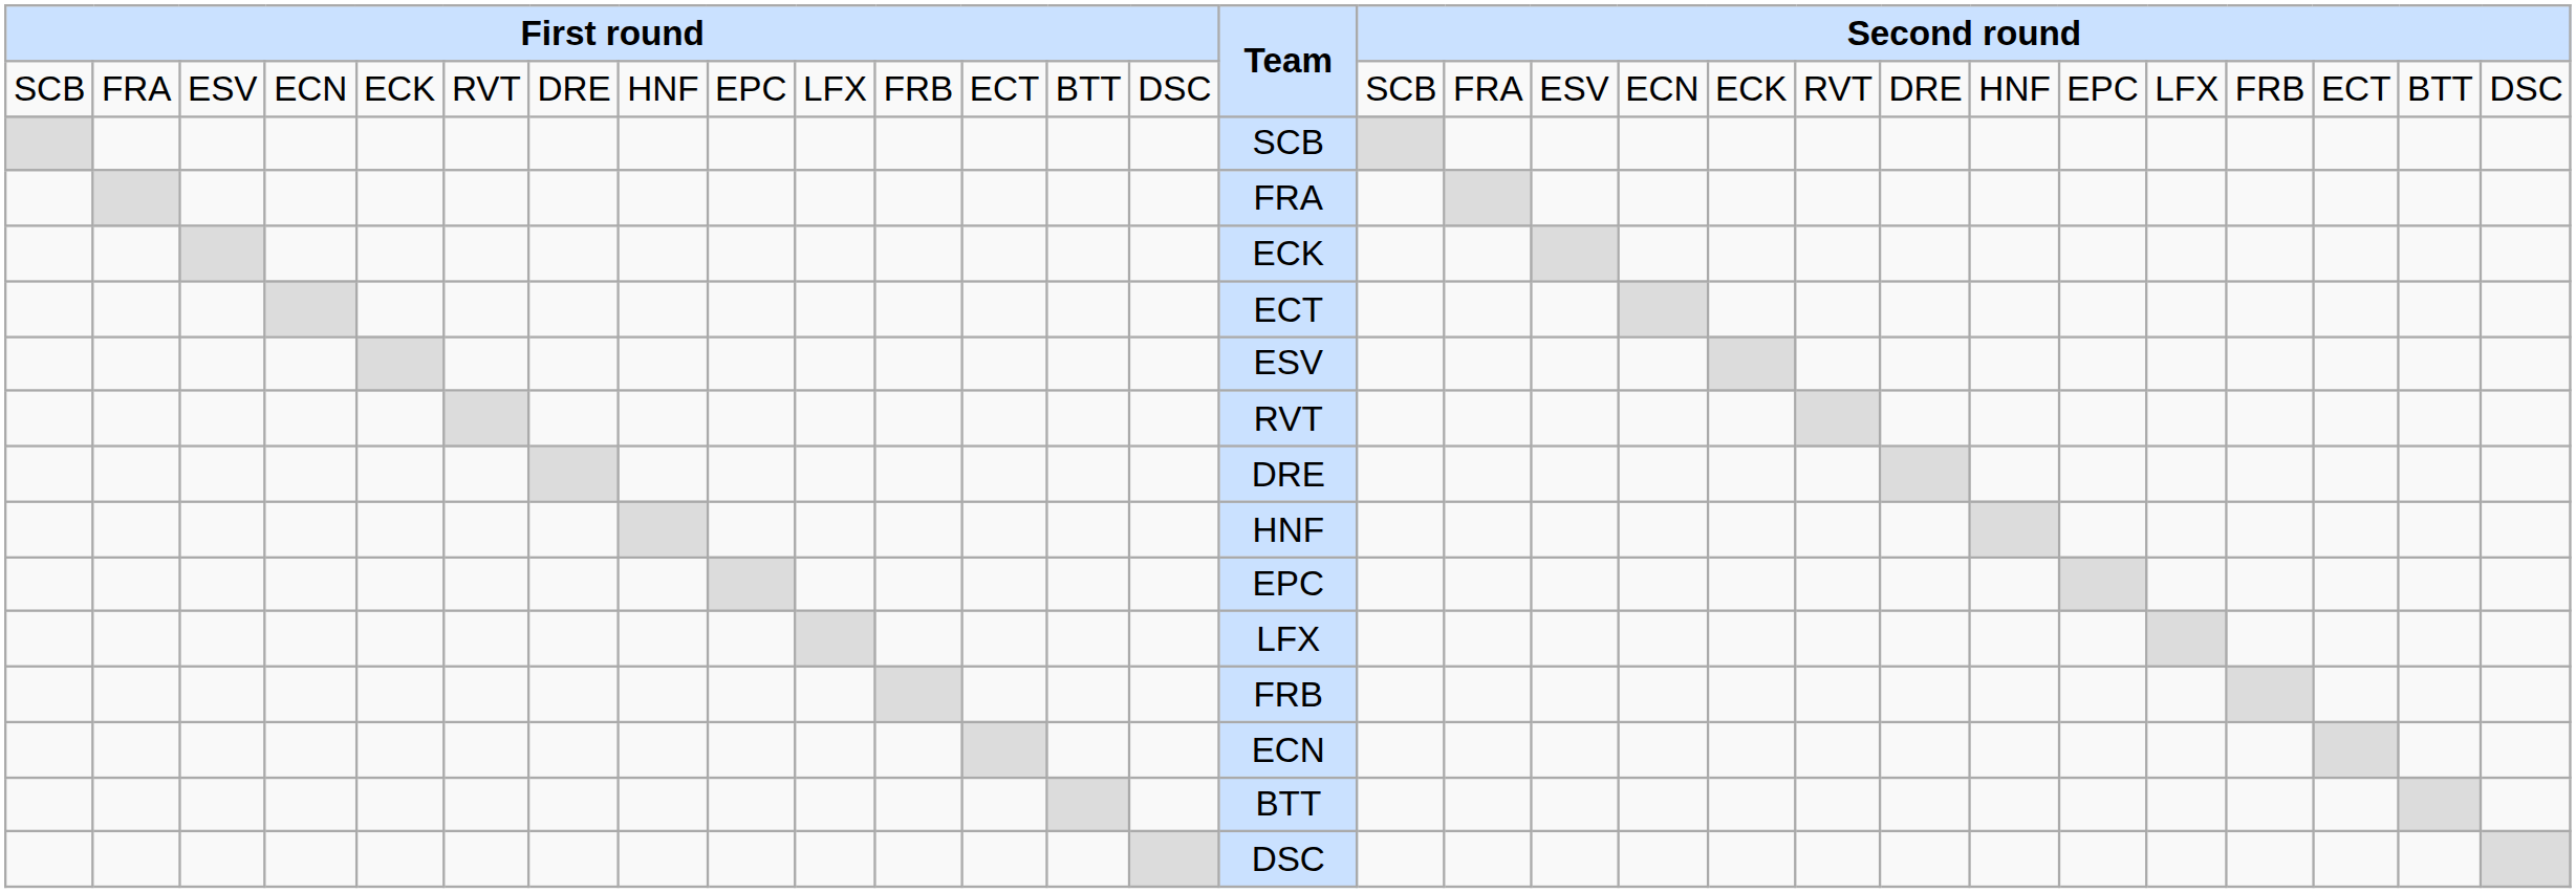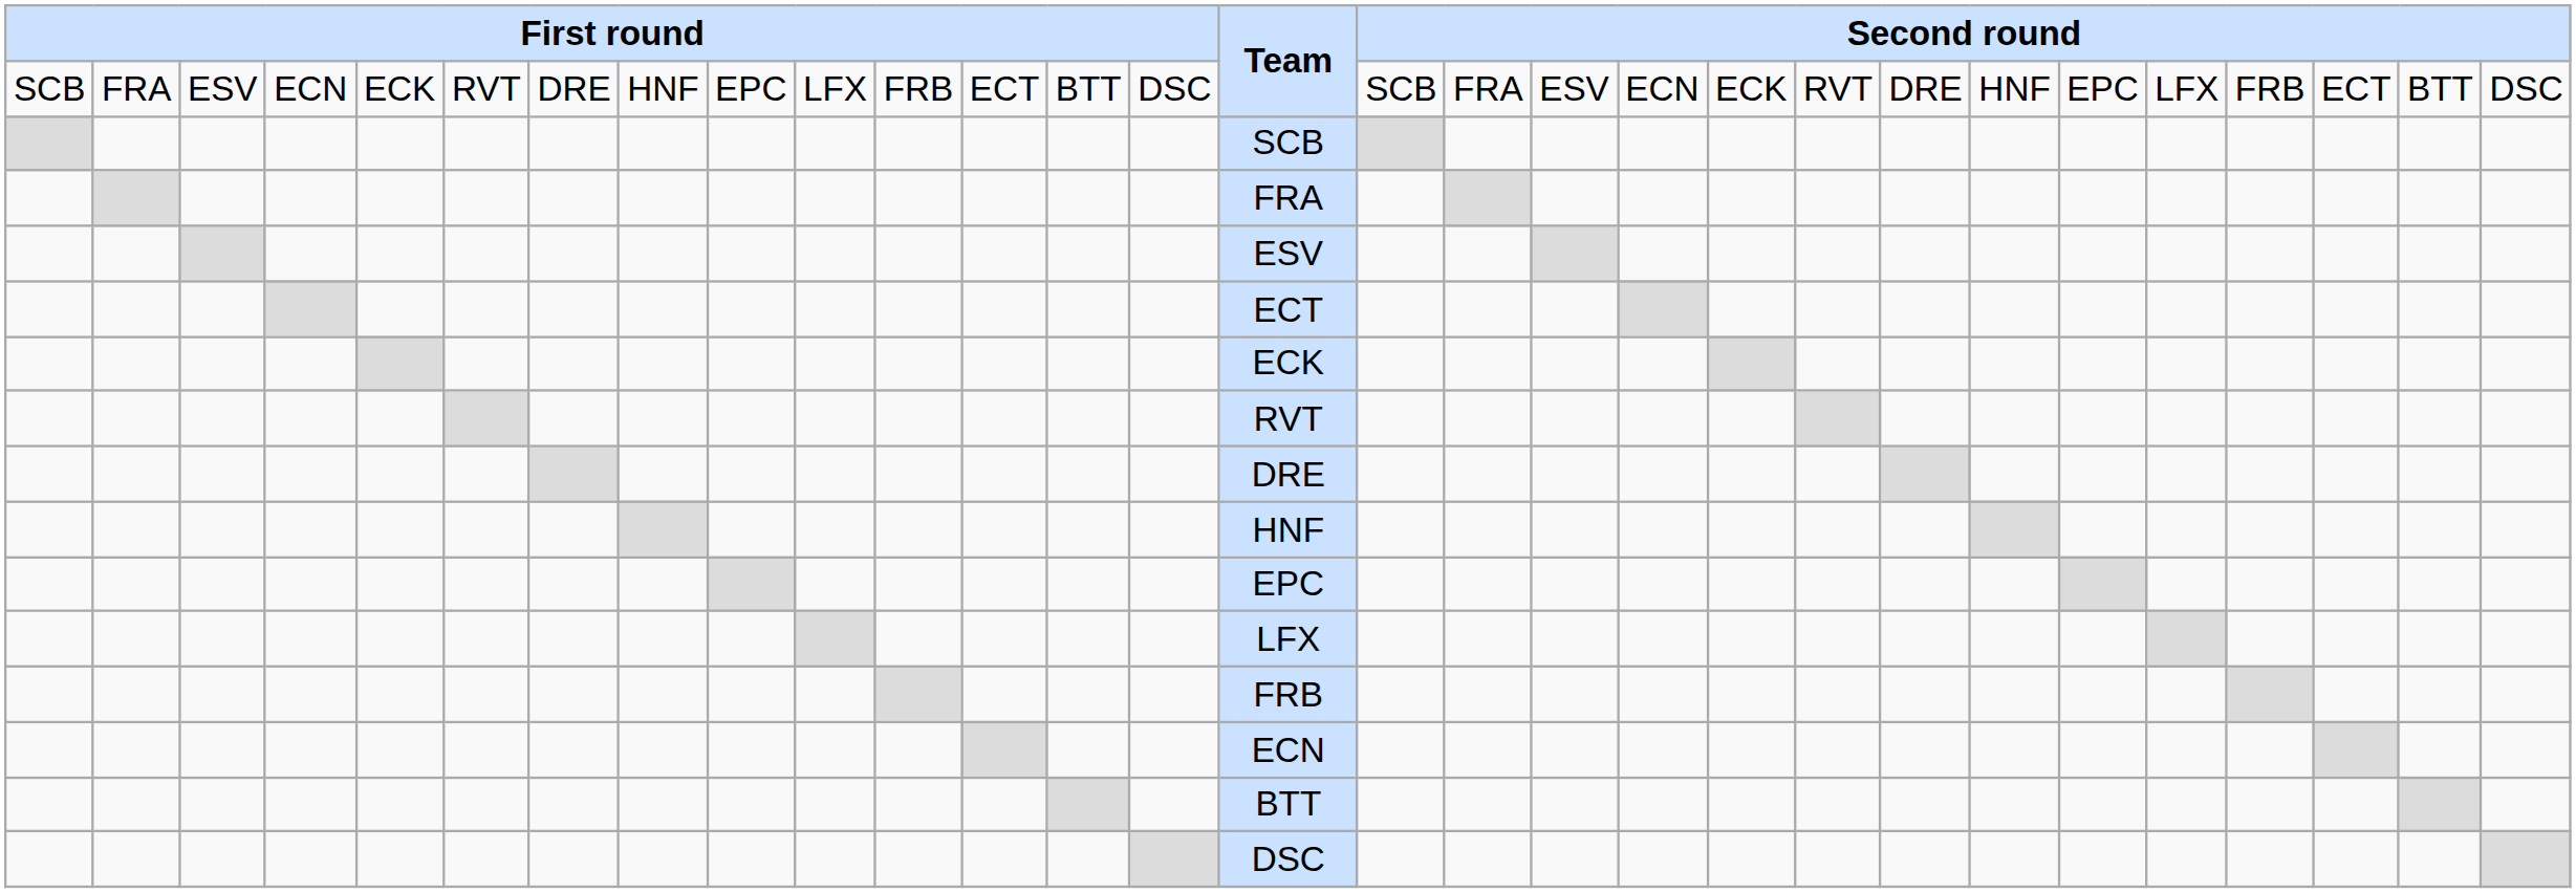 <table class="wikitable" style="text-align:center; font-size:90%;">
 <tr style="background:#CAE1FF">
 <td colspan="14" style="width:300px"><strong>First round</strong></td>
 <td style="width:50px" rowspan=2><strong>Team</strong></td>
 <td colspan="14" style="width:300px"><strong>Second round</strong></td>
 </tr>
 <tr>
 <td class="explain" title="Bietigheim Steelers">SCB</td>
 <td class="explain" title="Löwen Frankfurt">FRA</td>
 <td class="explain" title="ESV Kaufbeuren">ESV</td>
 <td class="explain" title="EC Bad Nauheim">ECN</td>
 <td class="explain" title="EC Kassel Huskies">ECK</td>
 <td class="explain" title="Ravensburg Towerstars">RVT</td>
 <td class="explain" title="Dresdner Eislöwen">DRE</td>
 <td class="explain" title="Heilbronner Falken">HNF</td>
 <td class="explain" title="Eispiraten Crimmitschau">EPC</td>
 <td class="explain" title="Lausitzer Füchse">LFX</td>
 <td class="explain" title="EHC Freiburg">FRB</td>
 <td class="explain" title="Tölzer Löwen">ECT</td>
 <td class="explain" title="Bayreuth Tigers">BTT</td>
 <td class="explain" title="Deggendorfer SC">DSC</td>
 <td class="explain" title="Bietigheim Steelers">SCB</td>
 <td class="explain" title="Löwen Frankfurt">FRA</td>
 <td class="explain" title="ESV Kaufbeuren">ESV</td>
 <td class="explain" title="EC Bad Nauheim">ECN</td>
 <td class="explain" title="EC Kassel Huskies">ECK</td>
 <td class="explain" title="Ravensburg Towerstars">RVT</td>
 <td class="explain" title="Dresdner Eislöwen">DRE</td>
 <td class="explain" title="Heilbronner Falken">HNF</td>
 <td class="explain" title="Eispiraten Crimmitschau">EPC</td>
 <td class="explain" title="Lausitzer Füchse">LFX</td>
 <td class="explain" title="EHC Freiburg">FRB</td>
 <td class="explain" title="Tölzer Löwen">ECT</td>
 <td class="explain" title="Bayreuth Tigers">BTT</td>
 <td class="explain" title="Deggendorfer SC">DSC</td>
 </tr>
 <tr>
 <td style="background:#DCDCDC"></td>
 <td></td>
 <td></td>
 <td></td>
 <td></td>
 <td></td>
 <td></td>
 <td></td>
 <td></td>
 <td></td>
 <td></td>
 <td></td>
 <td></td>
 <td></td>
 <td style="background:#CAE1FF" class="explain" title="Bietigheim Steelers">SCB</td>
 <td style="background:#DCDCDC"></td>
 <td></td>
 <td></td>
 <td></td>
 <td></td>
 <td></td>
 <td></td>
 <td></td>
 <td></td>
 <td></td>
 <td></td>
 <td></td>
 <td></td>
 <td></td>
 </tr>
 <tr>
 <td></td>
 <td style="background:#DCDCDC"></td>
 <td></td>
 <td></td>
 <td></td>
 <td></td>
 <td></td>
 <td></td>
 <td></td>
 <td></td>
 <td></td>
 <td></td>
 <td></td>
 <td></td>
 <td style="background:#CAE1FF" class="explain" title="Löwen Frankfurt">FRA</td>
 <td></td>
 <td style="background:#DCDCDC"></td>
 <td></td>
 <td></td>
 <td></td>
 <td></td>
 <td></td>
 <td></td>
 <td></td>
 <td></td>
 <td></td>
 <td></td>
 <td></td>
 <td></td>
 </tr>
 <tr>
 <td></td>
 <td></td>
 <td style="background:#DCDCDC"></td>
 <td></td>
 <td></td>
 <td></td>
 <td></td>
 <td></td>
 <td></td>
 <td></td>
 <td></td>
 <td></td>
 <td></td>
 <td></td>
-<td style="background:#CAE1FF" class="explain" title="EC Kassel Huskies">ECK</td>
+<td style="background:#CAE1FF" class="explain" title="ESV Kaufbeuren">ESV</td>
 <td></td>
 <td></td>
 <td style="background:#DCDCDC"></td>
 <td></td>
 <td></td>
 <td></td>
 <td></td>
 <td></td>
 <td></td>
 <td></td>
 <td></td>
 <td></td>
 <td></td>
 <td></td>
 </tr>
 <tr>
 <td></td>
 <td></td>
 <td></td>
 <td style="background:#DCDCDC"></td>
 <td></td>
 <td></td>
 <td></td>
 <td></td>
 <td></td>
 <td></td>
 <td></td>
 <td></td>
 <td></td>
 <td></td>
 <td style="background:#CAE1FF" class="explain" title="Tölzer Löwen">ECT</td>
 <td></td>
 <td></td>
 <td></td>
 <td style="background:#DCDCDC"></td>
 <td></td>
 <td></td>
 <td></td>
 <td></td>
 <td></td>
 <td></td>
 <td></td>
 <td></td>
 <td></td>
 <td></td>
 </tr>
 <tr>
 <td></td>
 <td></td>
 <td></td>
 <td></td>
 <td style="background:#DCDCDC"></td>
 <td></td>
 <td></td>
 <td></td>
 <td></td>
 <td></td>
 <td></td>
 <td></td>
 <td></td>
 <td></td>
-<td style="background:#CAE1FF" class="explain" title="ESV Kaufbeuren">ESV</td>
+<td style="background:#CAE1FF" class="explain" title="EC Kassel Huskies">ECK</td>
 <td></td>
 <td></td>
 <td></td>
 <td></td>
 <td style="background:#DCDCDC"></td>
 <td></td>
 <td></td>
 <td></td>
 <td></td>
 <td></td>
 <td></td>
 <td></td>
 <td></td>
 <td></td>
 </tr>
 <tr>
 <td></td>
 <td></td>
 <td></td>
 <td></td>
 <td></td>
 <td style="background:#DCDCDC"></td>
 <td></td>
 <td></td>
 <td></td>
 <td></td>
 <td></td>
 <td></td>
 <td></td>
 <td></td>
 <td style="background:#CAE1FF" class="explain" title="Ravensburg Towerstars">RVT</td>
 <td></td>
 <td></td>
 <td></td>
 <td></td>
 <td></td>
 <td style="background:#DCDCDC"></td>
 <td></td>
 <td></td>
 <td></td>
 <td></td>
 <td></td>
 <td></td>
 <td></td>
 <td></td>
 </tr>
 <tr>
 <td></td>
 <td></td>
 <td></td>
 <td></td>
 <td></td>
 <td></td>
 <td style="background:#DCDCDC"></td>
 <td></td>
 <td></td>
 <td></td>
 <td></td>
 <td></td>
 <td></td>
 <td></td>
 <td style="background:#CAE1FF" class="explain" title="Dresdner Eislöwen">DRE</td>
 <td></td>
 <td></td>
 <td></td>
 <td></td>
 <td></td>
 <td></td>
 <td style="background:#DCDCDC"></td>
 <td></td>
 <td></td>
 <td></td>
 <td></td>
 <td></td>
 <td></td>
 <td></td>
 </tr>
 <tr>
 <td></td>
 <td></td>
 <td></td>
 <td></td>
 <td></td>
 <td></td>
 <td></td>
 <td style="background:#DCDCDC"></td>
 <td></td>
 <td></td>
 <td></td>
 <td></td>
 <td></td>
 <td></td>
 <td style="background:#CAE1FF" class="explain" title="Heilbronner Falken">HNF</td>
 <td></td>
 <td></td>
 <td></td>
 <td></td>
 <td></td>
 <td></td>
 <td></td>
 <td style="background:#DCDCDC"></td>
 <td></td>
 <td></td>
 <td></td>
 <td></td>
 <td></td>
 <td></td>
 </tr>
 <tr>
 <td></td>
 <td></td>
 <td></td>
 <td></td>
 <td></td>
 <td></td>
 <td></td>
 <td></td>
 <td style="background:#DCDCDC"></td>
 <td></td>
 <td></td>
 <td></td>
 <td></td>
 <td></td>
 <td style="background:#CAE1FF" class="explain" title="Eispiraten Crimmitschau">EPC</td>
 <td></td>
 <td></td>
 <td></td>
 <td></td>
 <td></td>
 <td></td>
 <td></td>
 <td></td>
 <td style="background:#DCDCDC"></td>
 <td></td>
 <td></td>
 <td></td>
 <td></td>
 <td></td>
 </tr>
 <tr>
 <td></td>
 <td></td>
 <td></td>
 <td></td>
 <td></td>
 <td></td>
 <td></td>
 <td></td>
 <td></td>
 <td style="background:#DCDCDC"></td>
 <td></td>
 <td></td>
 <td></td>
 <td></td>
 <td style="background:#CAE1FF" class="explain" title="Lausitzer Füchse">LFX</td>
 <td></td>
 <td></td>
 <td></td>
 <td></td>
 <td></td>
 <td></td>
 <td></td>
 <td></td>
 <td></td>
 <td style="background:#DCDCDC"></td>
 <td></td>
 <td></td>
 <td></td>
 <td></td>
 </tr>
 <tr>
 <td></td>
 <td></td>
 <td></td>
 <td></td>
 <td></td>
 <td></td>
 <td></td>
 <td></td>
 <td></td>
 <td></td>
 <td style="background:#DCDCDC"></td>
 <td></td>
 <td></td>
 <td></td>
 <td style="background:#CAE1FF" class="explain" title="EHC Freiburg">FRB</td>
 <td></td>
 <td></td>
 <td></td>
 <td></td>
 <td></td>
 <td></td>
 <td></td>
 <td></td>
 <td></td>
 <td></td>
 <td style="background:#DCDCDC"></td>
 <td></td>
 <td></td>
 <td></td>
 </tr>
 <tr>
 <td></td>
 <td></td>
 <td></td>
 <td></td>
 <td></td>
 <td></td>
 <td></td>
 <td></td>
 <td></td>
 <td></td>
 <td></td>
 <td style="background:#DCDCDC"></td>
 <td></td>
 <td></td>
 <td style="background:#CAE1FF" class="explain" title="EC Bad Nauheim">ECN</td>
 <td></td>
 <td></td>
 <td></td>
 <td></td>
 <td></td>
 <td></td>
 <td></td>
 <td></td>
 <td></td>
 <td></td>
 <td></td>
 <td style="background:#DCDCDC"></td>
 <td></td>
 <td></td>
 </tr>
 <tr>
 <td></td>
 <td></td>
 <td></td>
 <td></td>
 <td></td>
 <td></td>
 <td></td>
 <td></td>
 <td></td>
 <td></td>
 <td></td>
 <td></td>
 <td style="background:#DCDCDC"></td>
 <td></td>
 <td style="background:#CAE1FF" class="explain" title="Bayreuth Tigers">BTT</td>
 <td></td>
 <td></td>
 <td></td>
 <td></td>
 <td></td>
 <td></td>
 <td></td>
 <td></td>
 <td></td>
 <td></td>
 <td></td>
 <td></td>
 <td style="background:#DCDCDC"></td>
 <td></td>
 </tr>
 <tr>
 <td></td>
 <td></td>
 <td></td>
 <td></td>
 <td></td>
 <td></td>
 <td></td>
 <td></td>
 <td></td>
 <td></td>
 <td></td>
 <td></td>
 <td></td>
 <td style="background:#DCDCDC"></td>
 <td style="background:#CAE1FF" class="explain" title="Deggendorfer SC">DSC</td>
 <td></td>
 <td></td>
 <td></td>
 <td></td>
 <td></td>
 <td></td>
 <td></td>
 <td></td>
 <td></td>
 <td></td>
 <td></td>
 <td></td>
 <td></td>
 <td style="background:#DCDCDC"></td>
 </tr>
 </table>
